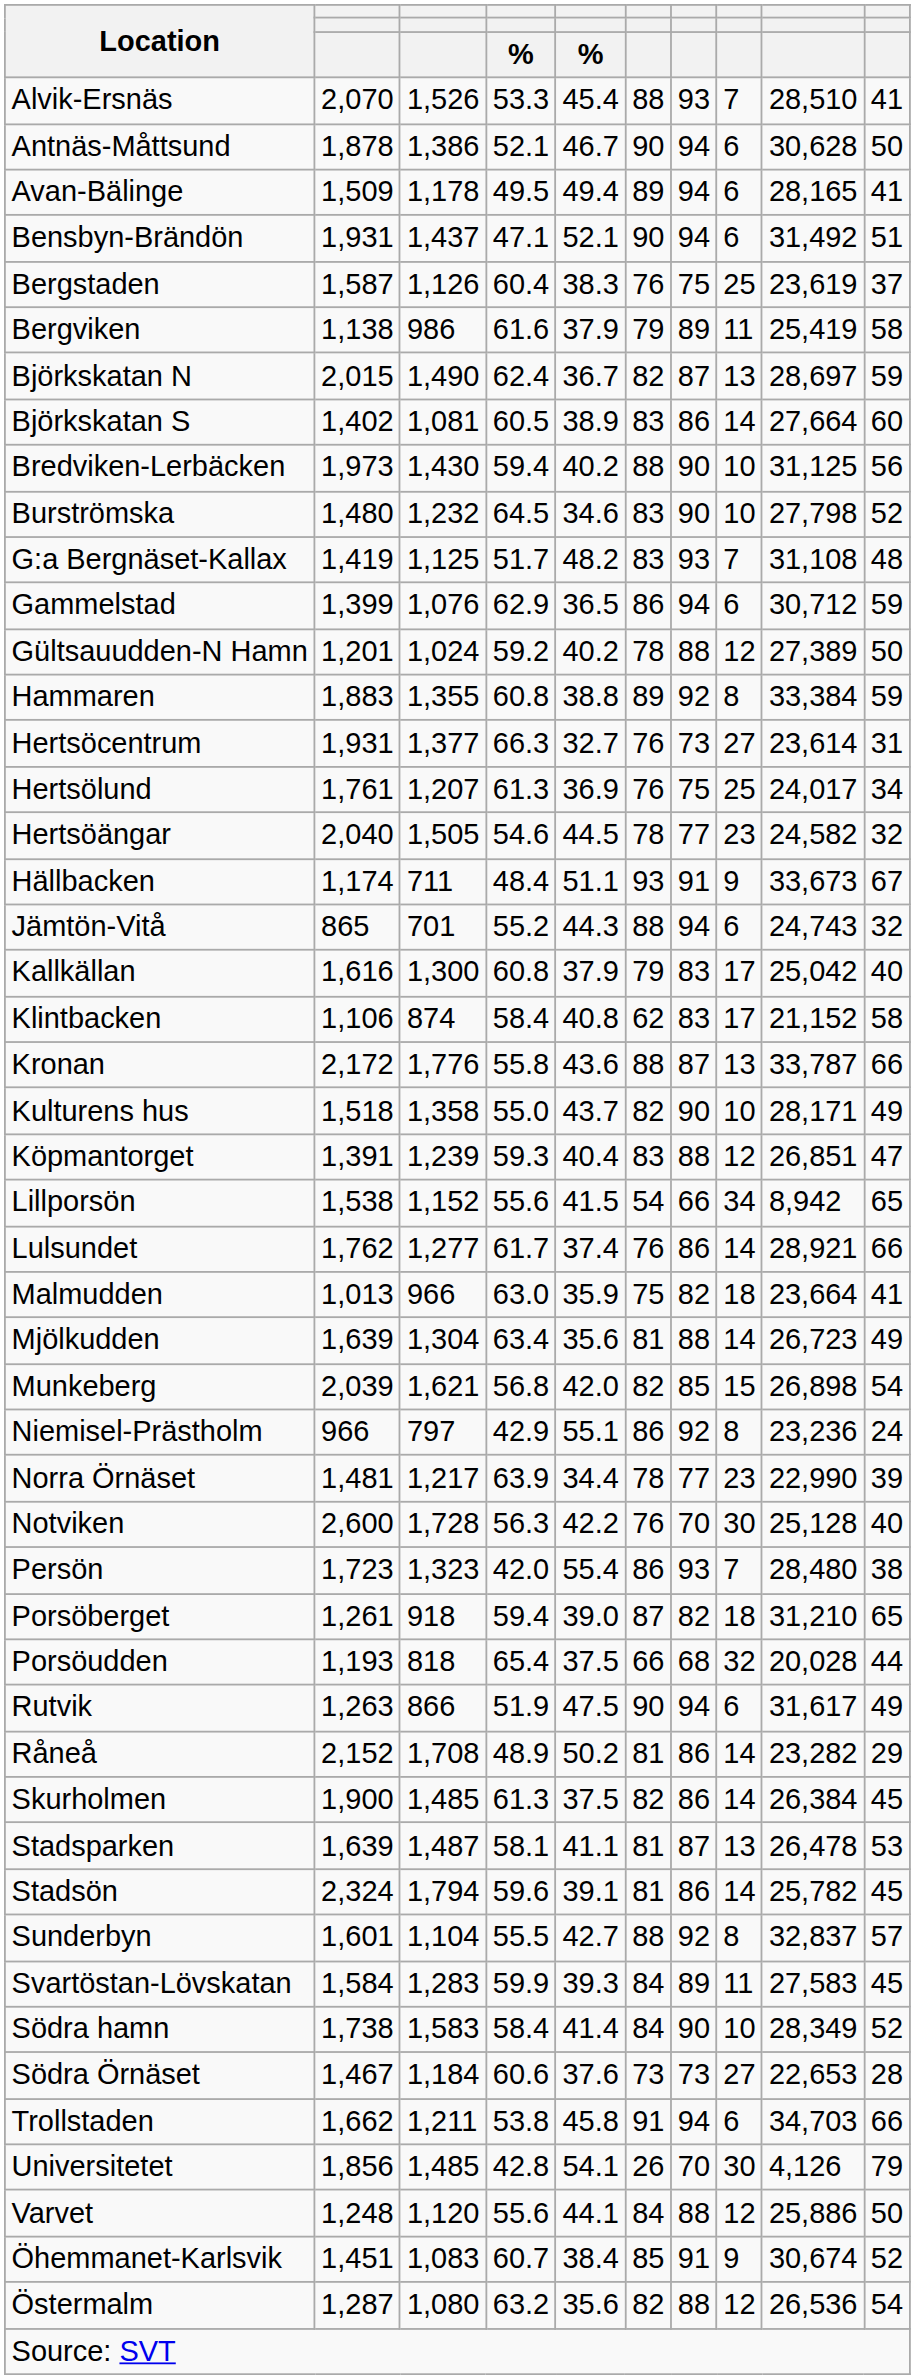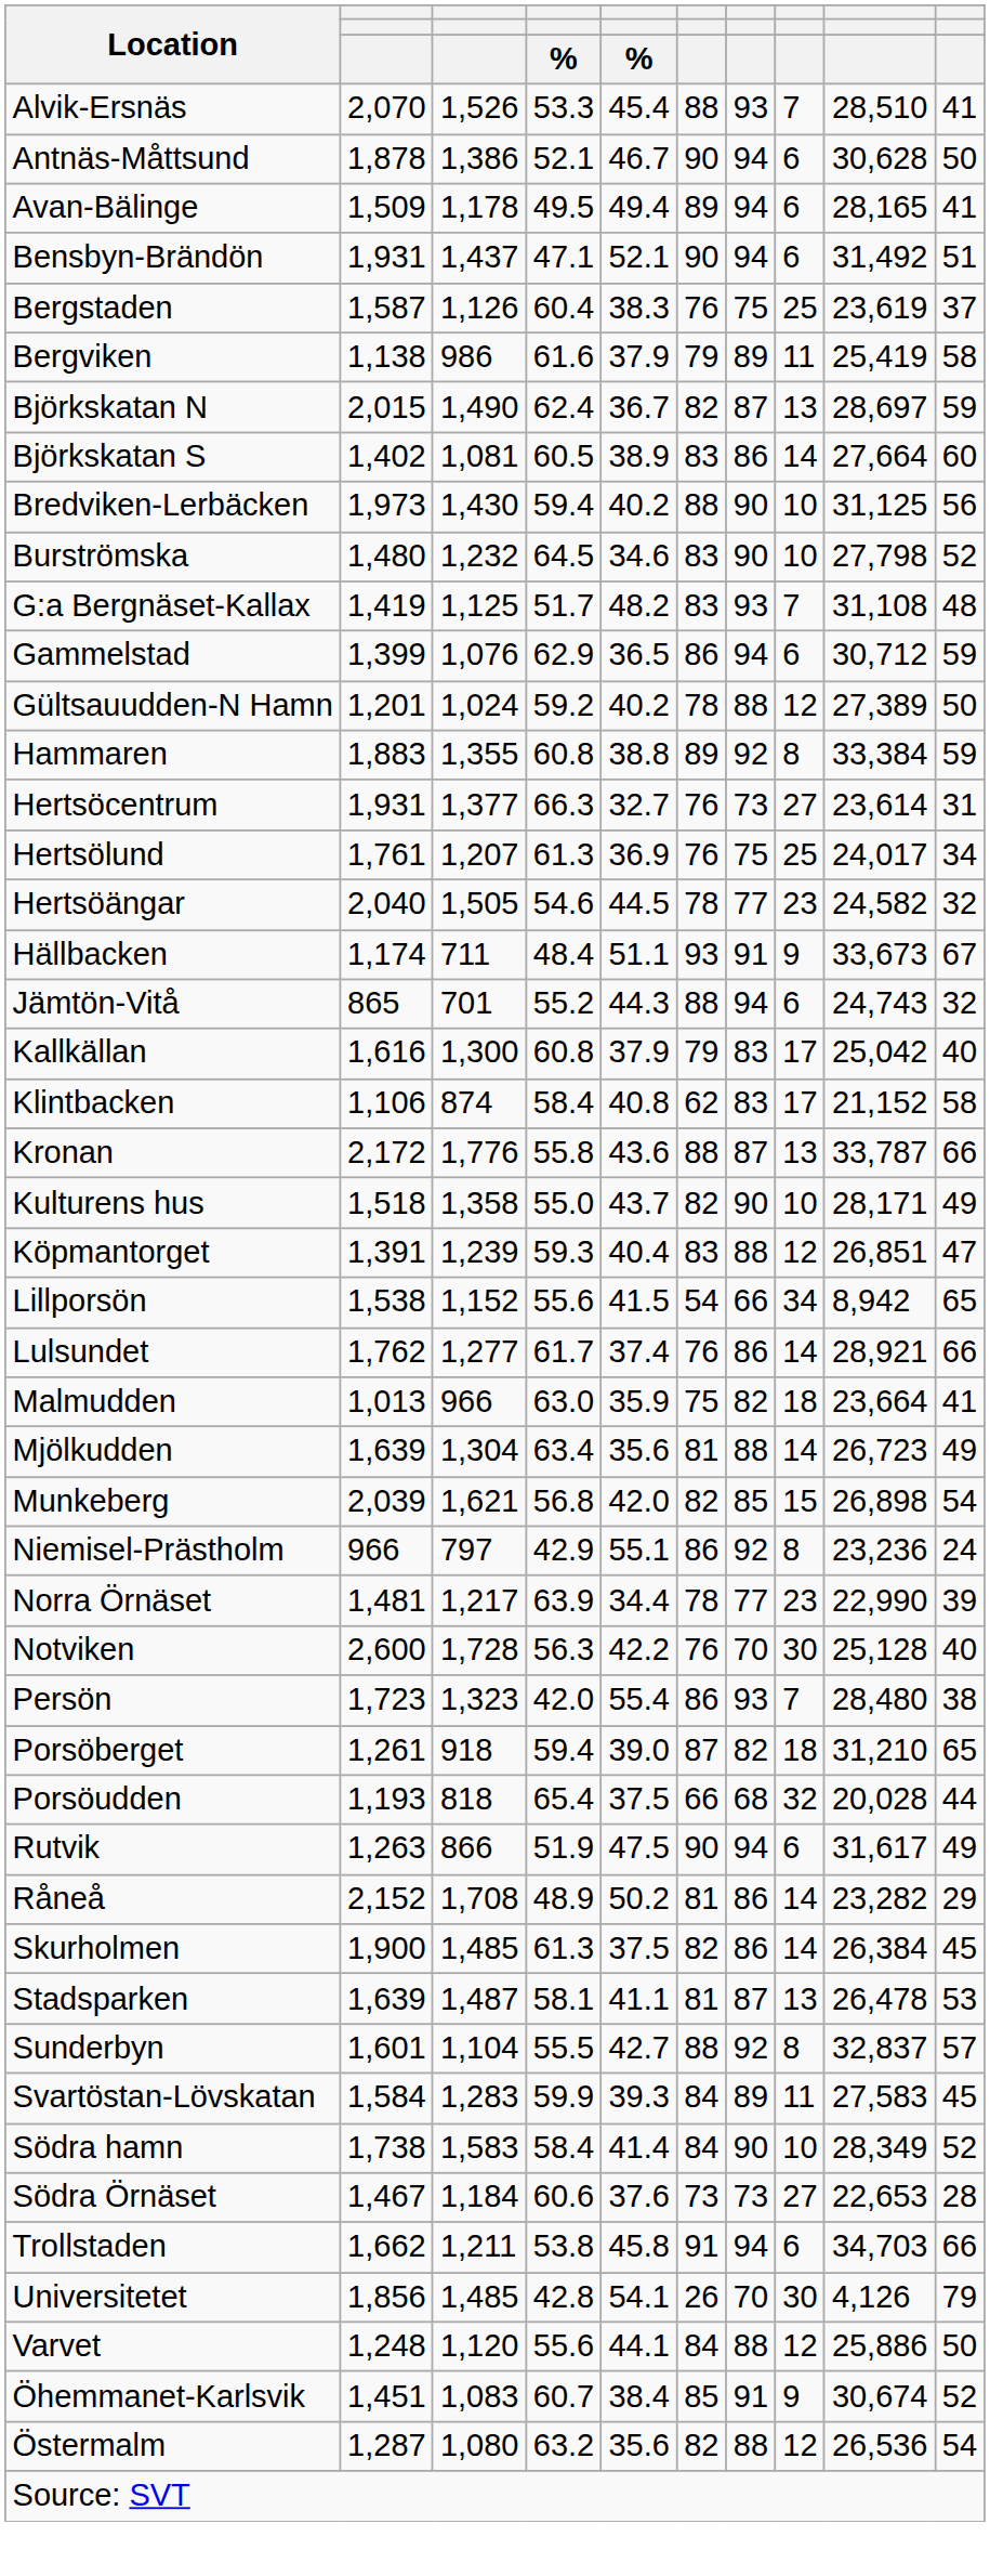 <table role="presentation" class="wikitable sortable mw-collapsible mw-collapsed">
 <tr>
 <th rowspan="3">Location</th>
 <th></th>
 <th></th>
 <th></th>
 <th></th>
 <th></th>
 <th></th>
 <th></th>
 <th></th>
 <th></th>
 </tr>
 <tr>
 <th></th>
 <th></th>
 <th style="background:"></th>
 <th style="background:"></th>
 <th></th>
 <th></th>
 <th></th>
 <th></th>
 <th></th>
 </tr>
 <tr>
 <th data-sort-type="number"></th>
 <th data-sort-type="number"></th>
 <th data-sort-type="number">%</th>
 <th data-sort-type="number">%</th>
 <th data-sort-type="number"></th>
 <th data-sort-type="number"></th>
 <th data-sort-type="number"></th>
 <th data-sort-type="number"></th>
 <th data-sort-type="number"></th>
 </tr>
 <tr>
 <td align="left">Alvik-Ersnäs</td>
 <td>2,070</td>
 <td>1,526</td>
 <td>53.3</td>
 <td>45.4</td>
 <td>88</td>
 <td>93</td>
 <td>7</td>
 <td>28,510</td>
 <td>41</td>
 </tr>
 <tr>
 <td align="left">Antnäs-Måttsund</td>
 <td>1,878</td>
 <td>1,386</td>
 <td>52.1</td>
 <td>46.7</td>
 <td>90</td>
 <td>94</td>
 <td>6</td>
 <td>30,628</td>
 <td>50</td>
 </tr>
 <tr>
 <td align="left">Avan-Bälinge</td>
 <td>1,509</td>
 <td>1,178</td>
 <td>49.5</td>
 <td>49.4</td>
 <td>89</td>
 <td>94</td>
 <td>6</td>
 <td>28,165</td>
 <td>41</td>
 </tr>
 <tr>
 <td align="left">Bensbyn-Brändön</td>
 <td>1,931</td>
 <td>1,437</td>
 <td>47.1</td>
 <td>52.1</td>
 <td>90</td>
 <td>94</td>
 <td>6</td>
 <td>31,492</td>
 <td>51</td>
 </tr>
 <tr>
 <td align="left">Bergstaden</td>
 <td>1,587</td>
 <td>1,126</td>
 <td>60.4</td>
 <td>38.3</td>
 <td>76</td>
 <td>75</td>
 <td>25</td>
 <td>23,619</td>
 <td>37</td>
 </tr>
 <tr>
 <td align="left">Bergviken</td>
 <td>1,138</td>
 <td>986</td>
 <td>61.6</td>
 <td>37.9</td>
 <td>79</td>
 <td>89</td>
 <td>11</td>
 <td>25,419</td>
 <td>58</td>
 </tr>
 <tr>
 <td align="left">Björkskatan N</td>
 <td>2,015</td>
 <td>1,490</td>
 <td>62.4</td>
 <td>36.7</td>
 <td>82</td>
 <td>87</td>
 <td>13</td>
 <td>28,697</td>
 <td>59</td>
 </tr>
 <tr>
 <td align="left">Björkskatan S</td>
 <td>1,402</td>
 <td>1,081</td>
 <td>60.5</td>
 <td>38.9</td>
 <td>83</td>
 <td>86</td>
 <td>14</td>
 <td>27,664</td>
 <td>60</td>
 </tr>
 <tr>
 <td align="left">Bredviken-Lerbäcken</td>
 <td>1,973</td>
 <td>1,430</td>
 <td>59.4</td>
 <td>40.2</td>
 <td>88</td>
 <td>90</td>
 <td>10</td>
 <td>31,125</td>
 <td>56</td>
 </tr>
 <tr>
 <td align="left">Burströmska</td>
 <td>1,480</td>
 <td>1,232</td>
 <td>64.5</td>
 <td>34.6</td>
 <td>83</td>
 <td>90</td>
 <td>10</td>
 <td>27,798</td>
 <td>52</td>
 </tr>
 <tr>
 <td align="left">G:a Bergnäset-Kallax</td>
 <td>1,419</td>
 <td>1,125</td>
 <td>51.7</td>
 <td>48.2</td>
 <td>83</td>
 <td>93</td>
 <td>7</td>
 <td>31,108</td>
 <td>48</td>
 </tr>
 <tr>
 <td align="left">Gammelstad</td>
 <td>1,399</td>
 <td>1,076</td>
 <td>62.9</td>
 <td>36.5</td>
 <td>86</td>
 <td>94</td>
 <td>6</td>
 <td>30,712</td>
 <td>59</td>
 </tr>
 <tr>
 <td align="left">Gültsauudden-N Hamn</td>
 <td>1,201</td>
 <td>1,024</td>
 <td>59.2</td>
 <td>40.2</td>
 <td>78</td>
 <td>88</td>
 <td>12</td>
 <td>27,389</td>
 <td>50</td>
 </tr>
 <tr>
 <td align="left">Hammaren</td>
 <td>1,883</td>
 <td>1,355</td>
 <td>60.8</td>
 <td>38.8</td>
 <td>89</td>
 <td>92</td>
 <td>8</td>
 <td>33,384</td>
 <td>59</td>
 </tr>
 <tr>
 <td align="left">Hertsöcentrum</td>
 <td>1,931</td>
 <td>1,377</td>
 <td>66.3</td>
 <td>32.7</td>
 <td>76</td>
 <td>73</td>
 <td>27</td>
 <td>23,614</td>
 <td>31</td>
 </tr>
 <tr>
 <td align="left">Hertsölund</td>
 <td>1,761</td>
 <td>1,207</td>
 <td>61.3</td>
 <td>36.9</td>
 <td>76</td>
 <td>75</td>
 <td>25</td>
 <td>24,017</td>
 <td>34</td>
 </tr>
 <tr>
 <td align="left">Hertsöängar</td>
 <td>2,040</td>
 <td>1,505</td>
 <td>54.6</td>
 <td>44.5</td>
 <td>78</td>
 <td>77</td>
 <td>23</td>
 <td>24,582</td>
 <td>32</td>
 </tr>
 <tr>
 <td align="left">Hällbacken</td>
 <td>1,174</td>
 <td>711</td>
 <td>48.4</td>
 <td>51.1</td>
 <td>93</td>
 <td>91</td>
 <td>9</td>
 <td>33,673</td>
 <td>67</td>
 </tr>
 <tr>
 <td align="left">Jämtön-Vitå</td>
 <td>865</td>
 <td>701</td>
 <td>55.2</td>
 <td>44.3</td>
 <td>88</td>
 <td>94</td>
 <td>6</td>
 <td>24,743</td>
 <td>32</td>
 </tr>
 <tr>
 <td align="left">Kallkällan</td>
 <td>1,616</td>
 <td>1,300</td>
 <td>60.8</td>
 <td>37.9</td>
 <td>79</td>
 <td>83</td>
 <td>17</td>
 <td>25,042</td>
 <td>40</td>
 </tr>
 <tr>
 <td align="left">Klintbacken</td>
 <td>1,106</td>
 <td>874</td>
 <td>58.4</td>
 <td>40.8</td>
 <td>62</td>
 <td>83</td>
 <td>17</td>
 <td>21,152</td>
 <td>58</td>
 </tr>
 <tr>
 <td align="left">Kronan</td>
 <td>2,172</td>
 <td>1,776</td>
 <td>55.8</td>
 <td>43.6</td>
 <td>88</td>
 <td>87</td>
 <td>13</td>
 <td>33,787</td>
 <td>66</td>
 </tr>
 <tr>
 <td align="left">Kulturens hus</td>
 <td>1,518</td>
 <td>1,358</td>
 <td>55.0</td>
 <td>43.7</td>
 <td>82</td>
 <td>90</td>
 <td>10</td>
 <td>28,171</td>
 <td>49</td>
 </tr>
 <tr>
 <td align="left">Köpmantorget</td>
 <td>1,391</td>
 <td>1,239</td>
 <td>59.3</td>
 <td>40.4</td>
 <td>83</td>
 <td>88</td>
 <td>12</td>
 <td>26,851</td>
 <td>47</td>
 </tr>
 <tr>
 <td align="left">Lillporsön</td>
 <td>1,538</td>
 <td>1,152</td>
 <td>55.6</td>
 <td>41.5</td>
 <td>54</td>
 <td>66</td>
 <td>34</td>
 <td>8,942</td>
 <td>65</td>
 </tr>
 <tr>
 <td align="left">Lulsundet</td>
 <td>1,762</td>
 <td>1,277</td>
 <td>61.7</td>
 <td>37.4</td>
 <td>76</td>
 <td>86</td>
 <td>14</td>
 <td>28,921</td>
 <td>66</td>
 </tr>
 <tr>
 <td align="left">Malmudden</td>
 <td>1,013</td>
 <td>966</td>
 <td>63.0</td>
 <td>35.9</td>
 <td>75</td>
 <td>82</td>
 <td>18</td>
 <td>23,664</td>
 <td>41</td>
 </tr>
 <tr>
 <td align="left">Mjölkudden</td>
 <td>1,639</td>
 <td>1,304</td>
 <td>63.4</td>
 <td>35.6</td>
 <td>81</td>
 <td>88</td>
 <td>14</td>
 <td>26,723</td>
 <td>49</td>
 </tr>
 <tr>
 <td align="left">Munkeberg</td>
 <td>2,039</td>
 <td>1,621</td>
 <td>56.8</td>
 <td>42.0</td>
 <td>82</td>
 <td>85</td>
 <td>15</td>
 <td>26,898</td>
 <td>54</td>
 </tr>
 <tr>
 <td align="left">Niemisel-Prästholm</td>
 <td>966</td>
 <td>797</td>
 <td>42.9</td>
 <td>55.1</td>
 <td>86</td>
 <td>92</td>
 <td>8</td>
 <td>23,236</td>
 <td>24</td>
 </tr>
 <tr>
 <td align="left">Norra Örnäset</td>
 <td>1,481</td>
 <td>1,217</td>
 <td>63.9</td>
 <td>34.4</td>
 <td>78</td>
 <td>77</td>
 <td>23</td>
 <td>22,990</td>
 <td>39</td>
 </tr>
 <tr>
 <td align="left">Notviken</td>
 <td>2,600</td>
 <td>1,728</td>
 <td>56.3</td>
 <td>42.2</td>
 <td>76</td>
 <td>70</td>
 <td>30</td>
 <td>25,128</td>
 <td>40</td>
 </tr>
 <tr>
 <td align="left">Persön</td>
 <td>1,723</td>
 <td>1,323</td>
 <td>42.0</td>
 <td>55.4</td>
 <td>86</td>
 <td>93</td>
 <td>7</td>
 <td>28,480</td>
 <td>38</td>
 </tr>
 <tr>
 <td align="left">Porsöberget</td>
 <td>1,261</td>
 <td>918</td>
 <td>59.4</td>
 <td>39.0</td>
 <td>87</td>
 <td>82</td>
 <td>18</td>
 <td>31,210</td>
 <td>65</td>
 </tr>
 <tr>
 <td align="left">Porsöudden</td>
 <td>1,193</td>
 <td>818</td>
 <td>65.4</td>
 <td>37.5</td>
 <td>66</td>
 <td>68</td>
 <td>32</td>
 <td>20,028</td>
 <td>44</td>
 </tr>
 <tr>
 <td align="left">Rutvik</td>
 <td>1,263</td>
 <td>866</td>
 <td>51.9</td>
 <td>47.5</td>
 <td>90</td>
 <td>94</td>
 <td>6</td>
 <td>31,617</td>
 <td>49</td>
 </tr>
 <tr>
 <td align="left">Råneå</td>
 <td>2,152</td>
 <td>1,708</td>
 <td>48.9</td>
 <td>50.2</td>
 <td>81</td>
 <td>86</td>
 <td>14</td>
 <td>23,282</td>
 <td>29</td>
 </tr>
 <tr>
 <td align="left">Skurholmen</td>
 <td>1,900</td>
 <td>1,485</td>
 <td>61.3</td>
 <td>37.5</td>
 <td>82</td>
 <td>86</td>
 <td>14</td>
 <td>26,384</td>
 <td>45</td>
 </tr>
 <tr>
 <td align="left">Stadsparken</td>
 <td>1,639</td>
 <td>1,487</td>
 <td>58.1</td>
 <td>41.1</td>
 <td>81</td>
 <td>87</td>
 <td>13</td>
 <td>26,478</td>
 <td>53</td>
 </tr>
 <tr>
-<td align="left">Stadsön</td>
-<td>2,324</td>
-<td>1,794</td>
-<td>59.6</td>
-<td>39.1</td>
-<td>81</td>
-<td>86</td>
-<td>14</td>
-<td>25,782</td>
-<td>45</td>
-</tr>
-<tr>
 <td align="left">Sunderbyn</td>
 <td>1,601</td>
 <td>1,104</td>
 <td>55.5</td>
 <td>42.7</td>
 <td>88</td>
 <td>92</td>
 <td>8</td>
 <td>32,837</td>
 <td>57</td>
 </tr>
 <tr>
 <td align="left">Svartöstan-Lövskatan</td>
 <td>1,584</td>
 <td>1,283</td>
 <td>59.9</td>
 <td>39.3</td>
 <td>84</td>
 <td>89</td>
 <td>11</td>
 <td>27,583</td>
 <td>45</td>
 </tr>
 <tr>
 <td align="left">Södra hamn</td>
 <td>1,738</td>
 <td>1,583</td>
 <td>58.4</td>
 <td>41.4</td>
 <td>84</td>
 <td>90</td>
 <td>10</td>
 <td>28,349</td>
 <td>52</td>
 </tr>
 <tr>
 <td align="left">Södra Örnäset</td>
 <td>1,467</td>
 <td>1,184</td>
 <td>60.6</td>
 <td>37.6</td>
 <td>73</td>
 <td>73</td>
 <td>27</td>
 <td>22,653</td>
 <td>28</td>
 </tr>
 <tr>
 <td align="left">Trollstaden</td>
 <td>1,662</td>
 <td>1,211</td>
 <td>53.8</td>
 <td>45.8</td>
 <td>91</td>
 <td>94</td>
 <td>6</td>
 <td>34,703</td>
 <td>66</td>
 </tr>
 <tr>
 <td align="left">Universitetet</td>
 <td>1,856</td>
 <td>1,485</td>
 <td>42.8</td>
 <td>54.1</td>
 <td>26</td>
 <td>70</td>
 <td>30</td>
 <td>4,126</td>
 <td>79</td>
 </tr>
 <tr>
 <td align="left">Varvet</td>
 <td>1,248</td>
 <td>1,120</td>
 <td>55.6</td>
 <td>44.1</td>
 <td>84</td>
 <td>88</td>
 <td>12</td>
 <td>25,886</td>
 <td>50</td>
 </tr>
 <tr>
 <td align="left">Öhemmanet-Karlsvik</td>
 <td>1,451</td>
 <td>1,083</td>
 <td>60.7</td>
 <td>38.4</td>
 <td>85</td>
 <td>91</td>
 <td>9</td>
 <td>30,674</td>
 <td>52</td>
 </tr>
 <tr>
 <td align="left">Östermalm</td>
 <td>1,287</td>
 <td>1,080</td>
 <td>63.2</td>
 <td>35.6</td>
 <td>82</td>
 <td>88</td>
 <td>12</td>
 <td>26,536</td>
 <td>54</td>
 </tr>
 <tr>
 <td colspan="10" align="left">Source: <a href='#'>SVT</a></td>
 </tr>
 </table>
